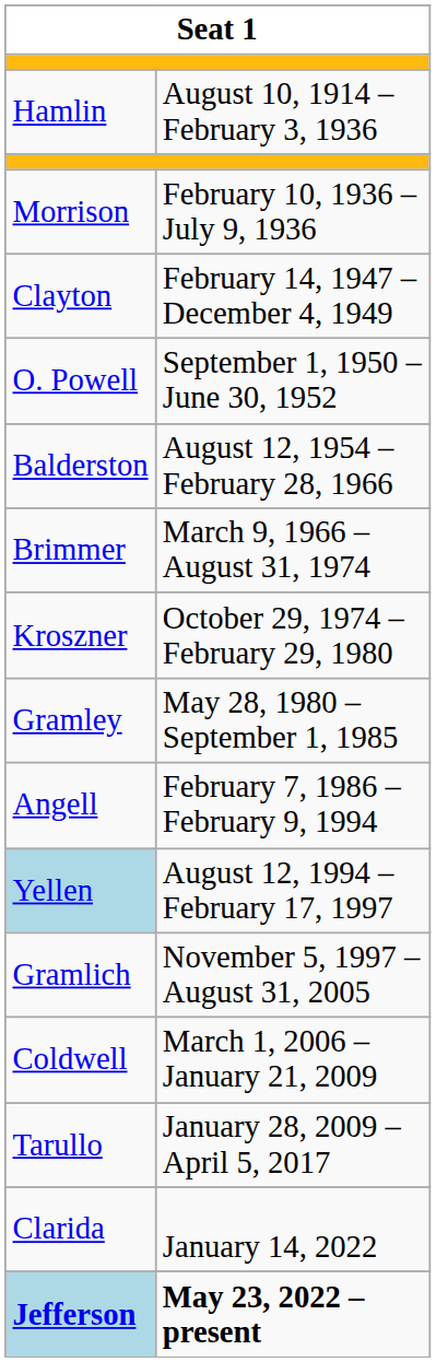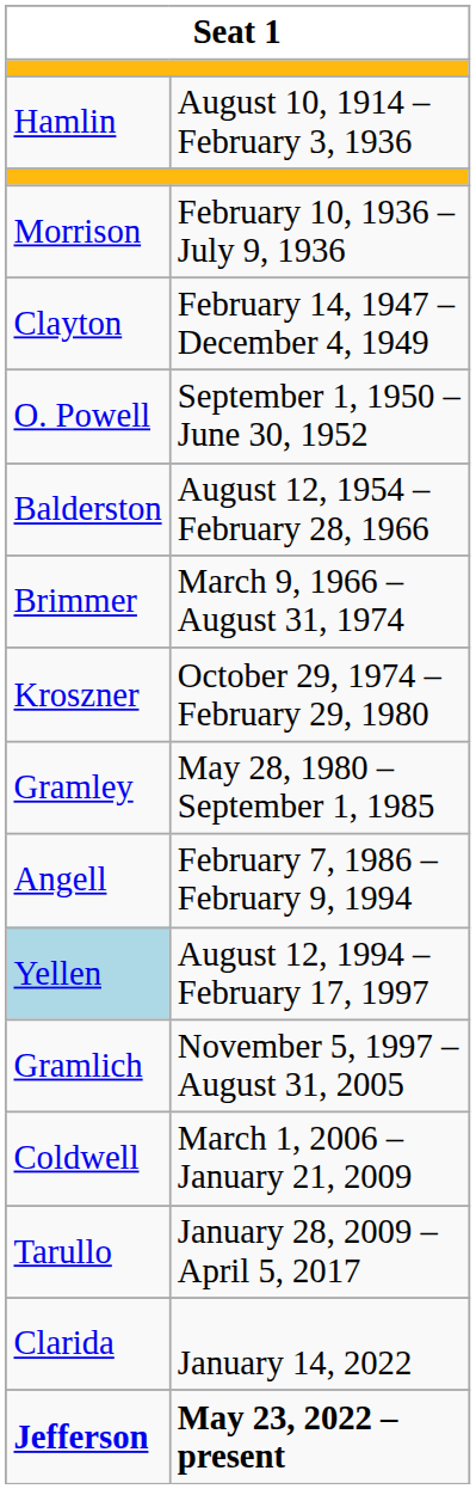 <table class="wikitable">
 <tr>
 <th colspan="2" style="background:#fff;">Seat 1</th>
 </tr>
 <tr>
 <td colspan="2" style="background: #FFB90F;"></td>
 </tr>
 <tr>
 <td><a href='#'>Hamlin</a></td>
 <td>August 10, 1914 –<br>February 3, 1936</td>
 </tr>
 <tr>
 <td colspan="2" style="background: #FFB90F;"></td>
 </tr>
 <tr>
 <td><a href='#'>Morrison</a></td>
 <td>February 10, 1936 –<br>July 9, 1936</td>
 </tr>
 <tr>
 <td><a href='#'>Clayton</a></td>
 <td>February 14, 1947 –<br>December 4, 1949</td>
 </tr>
 <tr>
 <td><a href='#'>O. Powell</a></td>
 <td>September 1, 1950 –<br>June 30, 1952</td>
 </tr>
 <tr>
 <td><a href='#'>Balderston</a></td>
 <td>August 12, 1954 –<br>February 28, 1966</td>
 </tr>
 <tr>
 <td><a href='#'>Brimmer</a></td>
 <td>March 9, 1966 –<br>August 31, 1974</td>
 </tr>
 <tr>
 <td><a href='#'>Kroszner</a></td>
 <td>October 29, 1974 –<br>February 29, 1980</td>
 </tr>
 <tr>
 <td><a href='#'>Gramley</a></td>
 <td>May 28, 1980 –<br>September 1, 1985</td>
 </tr>
 <tr>
 <td><a href='#'>Angell</a></td>
 <td>February 7, 1986 –<br>February 9, 1994</td>
 </tr>
 <tr>
 <td style="background: lightblue;"><a href='#'>Yellen</a></td>
 <td>August 12, 1994 –<br>February 17, 1997</td>
 </tr>
 <tr>
 <td><a href='#'>Gramlich</a></td>
 <td>November 5, 1997 –<br>August 31, 2005</td>
 </tr>
 <tr>
 <td><a href='#'>Coldwell</a></td>
 <td>March 1, 2006 –<br>January 21, 2009</td>
 </tr>
 <tr>
 <td><a href='#'>Tarullo</a></td>
 <td>January 28, 2009 –<br>April 5, 2017</td>
 </tr>
 <tr>
 <td><a href='#'>Clarida</a></td>
 <td><br>January 14, 2022</td>
 </tr>
 <tr>
-<td style="background: lightblue;"><strong><a href='#'>Jefferson</a></strong></td>
+<td><strong><a href='#'>Jefferson</a></strong></td>
 <td><strong>May 23, 2022 –<br>present</strong></td>
 </tr>
 </table>
